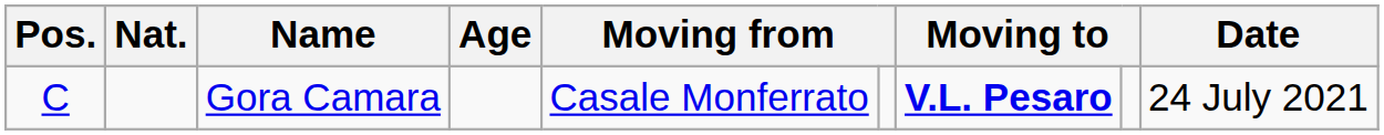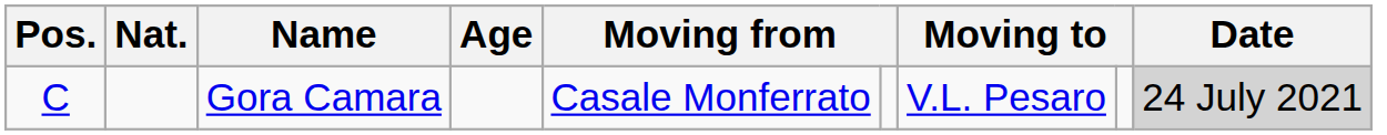 <table class="wikitable sortable">
 <tr>
 <th>Pos.</th>
 <th>Nat.</th>
 <th>Name</th>
 <th>Age</th>
 <th colspan=2>Moving from</th>
 <th colspan=2>Moving to</th>
 <th>Date</th>
 </tr>
 <tr>
 <td style="text-align: center;"><a href='#'>C</a></td>
 <td style="text-align: center;"></td>
 <td><a href='#'>Gora Camara</a></td>
 <td style="text-align: center;"></td>
 <td><a href='#'>Casale Monferrato</a></td>
 <td style="text-align: center;"></td>
-<td><strong><a href='#'>V.L. Pesaro</a></strong></td>
+<td><a href='#'>V.L. Pesaro</a></td>
 <td style="text-align: center;"></td>
-<td style="text-align: center;">24 July 2021</td>
+<td style="background: lightgrey; text-align: center;">24 July 2021</td>
 </tr>
 </table>
